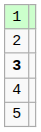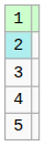 <table class="wikitable">
 <tr>
 <td bgcolor="#ccffcc" width="15" align="center">1</td>
 <td bgcolor="#ccffcc"></td>
 </tr>
 <tr>
-<td align="center">2</td>
+<td align="center" style="background: paleturquoise;">2</td>
 <td></td>
 </tr>
 <tr>
-<td align="center"><strong>3</strong></td>
+<td align="center">3</td>
 <td></td>
 </tr>
 <tr>
 <td align="center">4</td>
 <td></td>
 </tr>
 <tr>
 <td align="center">5</td>
 <td></td>
 </tr>
 </table>
